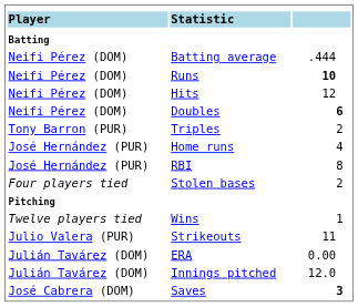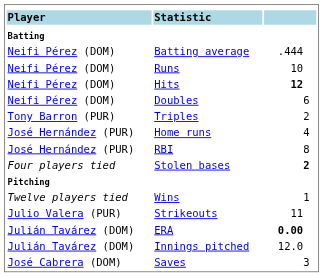 <table cellpadding="1" width="350px" style="font-size: 90%; border: 1px solid gray;">
 <tr align="center" style="font-size: larger;">
 <td colspan=6></td>
 </tr>
 <tr style="background:lightblue;">
 <td><strong>Player</strong></td>
 <td><strong>Statistic</strong></td>
 <td></td>
 </tr>
 <tr align="center" style="vertical-align: middle;" style="background:lightblue;">
 </tr>
 <tr>
 <td><small><strong>Batting</strong></small></td>
 </tr>
 <tr>
 <td><a href='#'>Neifi Pérez</a> (DOM)</td>
 <td><a href='#'>Batting average</a></td>
 <td>  .444</td>
 </tr>
 <tr>
 <td><a href='#'>Neifi Pérez</a> (DOM)</td>
 <td><a href='#'>Runs</a></td>
-<td><strong>    10</strong></td>
+<td>    10</td>
 </tr>
 <tr>
 <td><a href='#'>Neifi Pérez</a> (DOM)</td>
 <td><a href='#'>Hits</a></td>
-<td>    12</td>
+<td><strong>    12</strong></td>
 </tr>
 <tr>
 <td><a href='#'>Neifi Pérez</a> (DOM)</td>
 <td><a href='#'>Doubles</a></td>
-<td><strong>       6</strong></td>
+<td>       6</td>
 </tr>
 <tr>
 <td><a href='#'>Tony Barron</a> (PUR)</td>
 <td><a href='#'>Triples</a></td>
 <td>      2</td>
 </tr>
 <tr>
 <td><a href='#'>José Hernández</a> (PUR)</td>
 <td><a href='#'>Home runs</a></td>
 <td>      4</td>
 </tr>
 <tr>
 <td><a href='#'>José Hernández</a> (PUR)</td>
 <td><a href='#'>RBI</a></td>
 <td>      8</td>
 </tr>
 <tr>
 <td><em>Four players tied</em></td>
 <td><a href='#'>Stolen bases</a></td>
-<td>      2</td>
+<td><strong>      2</strong></td>
 </tr>
 <tr>
 <td><small><strong>Pitching</strong></small></td>
 </tr>
 <tr>
 <td><em>Twelve players tied</em></td>
 <td><a href='#'>Wins</a></td>
 <td>      1</td>
 </tr>
 <tr>
 <td><a href='#'>Julio Valera</a> (PUR)</td>
 <td><a href='#'>Strikeouts</a></td>
 <td>    11</td>
 </tr>
 <tr>
 <td><a href='#'>Julián Tavárez</a> (DOM)</td>
 <td><a href='#'>ERA</a></td>
-<td>  0.00</td>
+<td><strong>  0.00</strong></td>
 </tr>
 <tr>
 <td><a href='#'>Julián Tavárez</a> (DOM)</td>
 <td><a href='#'>Innings pitched</a></td>
 <td>  12.0</td>
 </tr>
 <tr>
 <td><a href='#'>José Cabrera</a> (DOM)</td>
 <td><a href='#'>Saves</a></td>
-<td><strong>      3</strong></td>
+<td>      3</td>
 </tr>
 </table>
